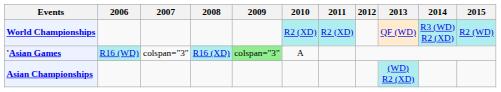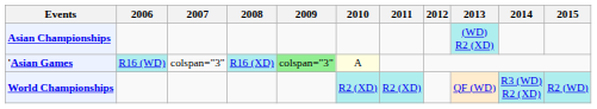 <table class="wikitable" style="font-size: 90%; text-align:center">
 <tr>
 <th>Events</th>
 <th>2006</th>
 <th>2007</th>
 <th>2008</th>
 <th>2009</th>
 <th>2010</th>
 <th>2011</th>
 <th>2012</th>
 <th>2013</th>
 <th>2014</th>
 <th>2015</th>
 </tr>
 <tr>
+<td bgcolor="#ECF2FF"; align="left"><strong><a href='#'>Asian Championships</a></strong></td>
+<td></td>
+<td></td>
+<td></td>
+<td></td>
+<td></td>
+<td></td>
+<td></td>
+<td bgcolor=AFEEEE><a href='#'> (WD)</a><br><a href='#'>R2 (XD)</a></td>
+<td></td>
+<td></td>
+</tr>
+<tr>
+<td bgcolor="#ECF2FF"; align="left"><strong>'<a href='#'>Asian Games</a></strong></td>
+<td bgcolor=AFEEEE><a href='#'>R16 (WD)</a></td>
+<td>colspan="3" </td>
+<td bgcolor=AFEEEE><a href='#'>R16 (XD)</a></td>
+<td style="background: lightgreen;">colspan="3" </td>
+<td style="background: lightyellow;">A</td>
+<td></td>
+</tr>
+<tr>
 <td bgcolor="#ECF2FF"; align="left"><strong><a href='#'>World Championships</a></strong></td>
 <td></td>
 <td></td>
 <td></td>
 <td></td>
 <td bgcolor=AFEEEE><a href='#'>R2 (XD)</a></td>
 <td bgcolor=AFEEEE><a href='#'>R2 (XD)</a></td>
 <td></td>
 <td bgcolor=FFEBCD><a href='#'>QF (WD)</a></td>
 <td bgcolor=AFEEEE><a href='#'>R3 (WD)</a><br><a href='#'>R2 (XD)</a></td>
 <td bgcolor=AFEEEE><a href='#'>R2 (WD)</a></td>
 </tr>
-<tr>
-<td bgcolor="#ECF2FF"; align="left"><strong>'<a href='#'>Asian Games</a></strong></td>
-<td bgcolor=AFEEEE><a href='#'>R16 (WD)</a></td>
-<td>colspan="3" </td>
-<td bgcolor=AFEEEE><a href='#'>R16 (XD)</a></td>
-<td style="background: lightgreen;">colspan="3" </td>
-<td>A</td>
-<td></td>
-</tr>
-<tr>
-<td bgcolor="#ECF2FF"; align="left"><strong><a href='#'>Asian Championships</a></strong></td>
-<td></td>
-<td></td>
-<td></td>
-<td></td>
-<td></td>
-<td></td>
-<td></td>
-<td bgcolor=AFEEEE><a href='#'> (WD)</a><br><a href='#'>R2 (XD)</a></td>
-<td></td>
-<td></td>
-</tr>
 </table>
